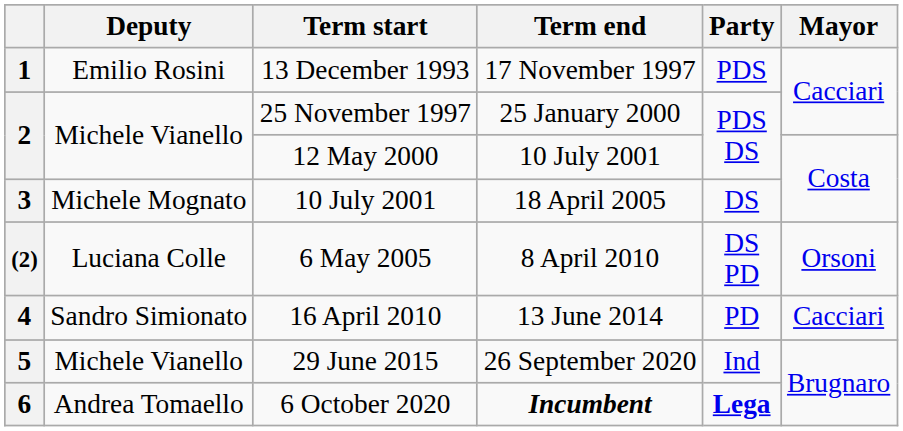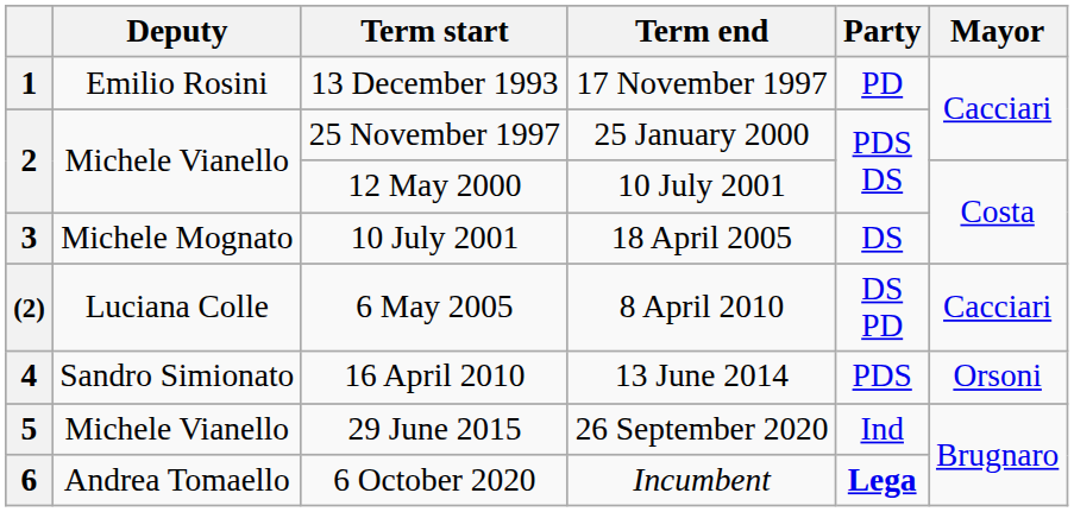 <table class="wikitable" style="text-align: center;">
 <tr>
 <th class=unsortable> </th>
 <th>Deputy</th>
 <th>Term start</th>
 <th>Term end</th>
 <th>Party</th>
 <th>Mayor</th>
 </tr>
 <tr>
 <th style="background:">1</th>
 <td>Emilio Rosini</td>
 <td>13 December 1993</td>
 <td>17 November 1997</td>
-<td><a href='#'>PDS</a></td>
+<td><a href='#'>PD</a></td>
 <td rowspan=2><a href='#'>Cacciari</a></td>
 </tr>
 <tr>
 <th rowspan=2 style="background:">2</th>
 <td rowspan=2>Michele Vianello</td>
 <td>25 November 1997</td>
 <td>25 January 2000</td>
 <td rowspan=2><a href='#'>PDS</a><br><a href='#'>DS</a></td>
 </tr>
 <tr>
 <td>12 May 2000</td>
 <td>10 July 2001</td>
 <td rowspan=2><a href='#'>Costa</a></td>
 </tr>
 <tr>
 <th style="background:">3</th>
 <td>Michele Mognato</td>
 <td>10 July 2001</td>
 <td>18 April 2005</td>
 <td><a href='#'>DS</a></td>
 </tr>
 <tr>
 <th style="background:"><small>(2)</small></th>
 <td>Luciana Colle</td>
 <td>6 May 2005</td>
 <td>8 April 2010</td>
 <td><a href='#'>DS</a><br><a href='#'>PD</a></td>
-<td><a href='#'>Orsoni</a></td>
+<td><a href='#'>Cacciari</a></td>
 </tr>
 <tr>
 <th style="background:">4</th>
 <td>Sandro Simionato</td>
 <td>16 April 2010</td>
 <td>13 June 2014</td>
-<td><a href='#'>PD</a></td>
-<td><a href='#'>Cacciari</a></td>
+<td><a href='#'>PDS</a></td>
+<td><a href='#'>Orsoni</a></td>
 </tr>
 <tr>
 <th style="background:">5</th>
 <td>Michele Vianello</td>
 <td>29 June 2015</td>
 <td>26 September 2020</td>
 <td><a href='#'>Ind</a></td>
 <td rowspan=2><a href='#'>Brugnaro</a></td>
 </tr>
 <tr>
 <th style="background:">6</th>
 <td>Andrea Tomaello</td>
 <td>6 October 2020</td>
-<td><strong><em>Incumbent</em></strong></td>
+<td><em>Incumbent</em></td>
 <td><strong><a href='#'>Lega</a></strong></td>
 </tr>
 </table>
